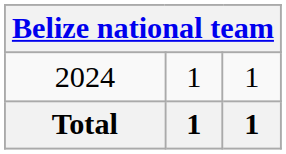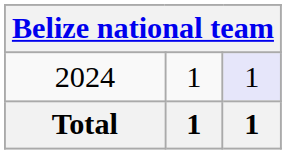 <table class="wikitable" style="text-align:center">
 <tr>
 <th colspan=3><a href='#'>Belize national team</a></th>
 </tr>
 <tr>
 <td>2024</td>
 <td>1</td>
-<td>1</td>
+<td style="background: lavender;">1</td>
 </tr>
 <tr>
 <th>Total</th>
 <th>1</th>
 <th>1</th>
 </tr>
 </table>
